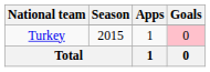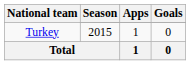 <table class="wikitable" style="text-align: center;">
 <tr>
 <th>National team</th>
 <th>Season</th>
 <th>Apps</th>
 <th>Goals</th>
 </tr>
 <tr>
 <td rowspan="2" valign="center"><a href='#'>Turkey</a></td>
 </tr>
 <tr>
 <td>2015</td>
 <td>1</td>
-<td style="background: pink;">0</td>
+<td>0</td>
 </tr>
 <tr>
 <th colspan="2">Total</th>
 <th>1</th>
 <th>0</th>
 </tr>
 </table>
